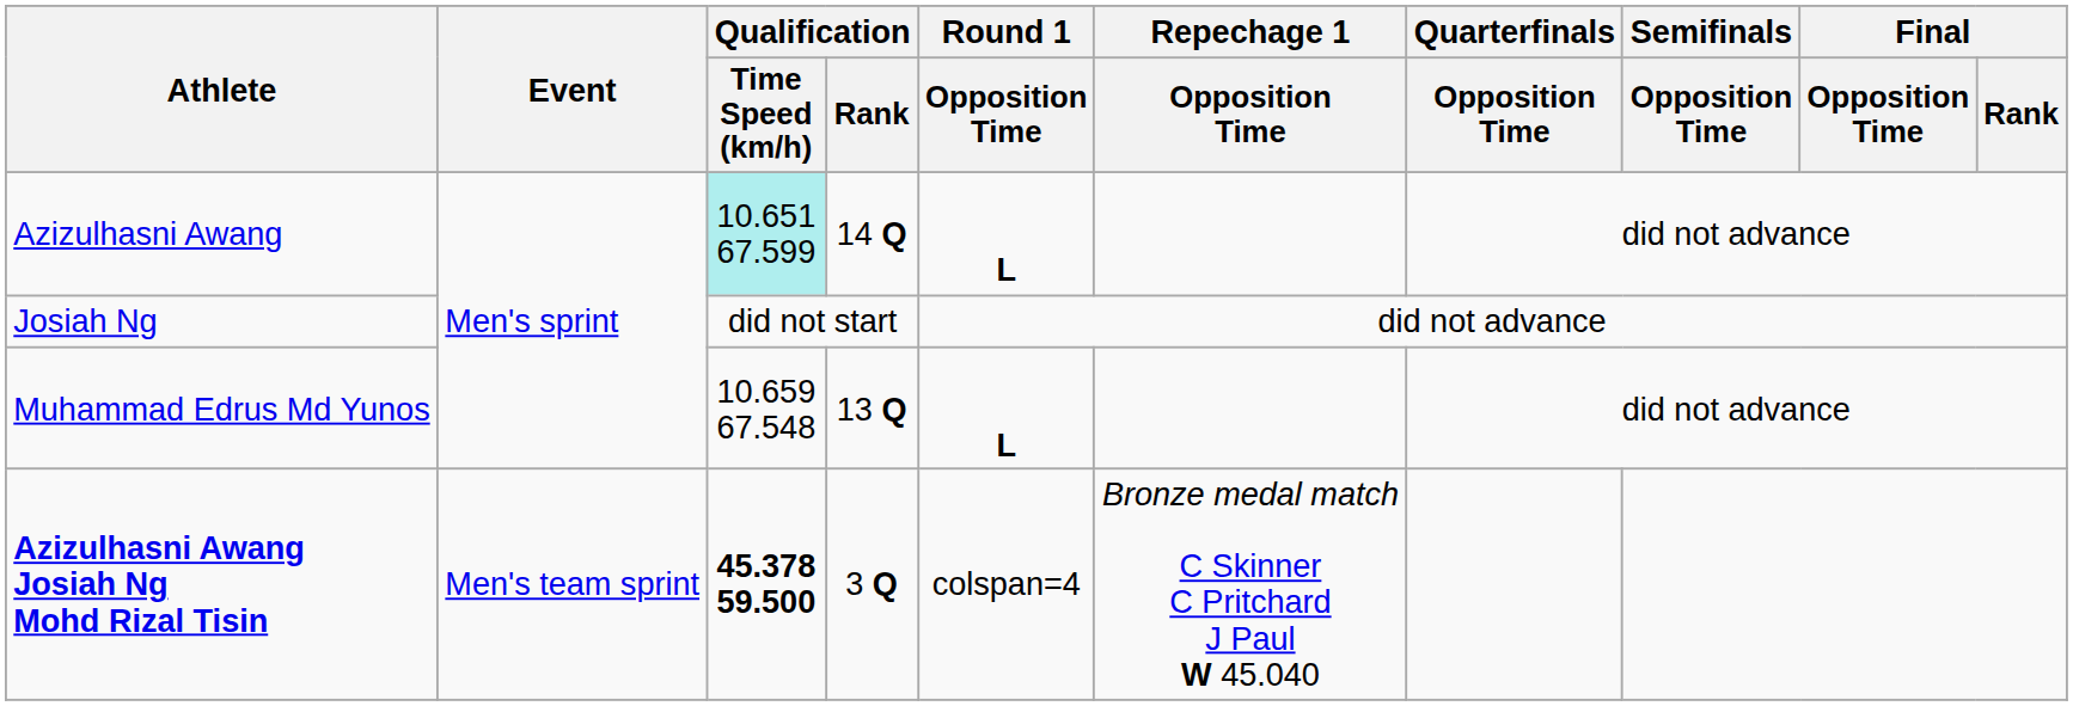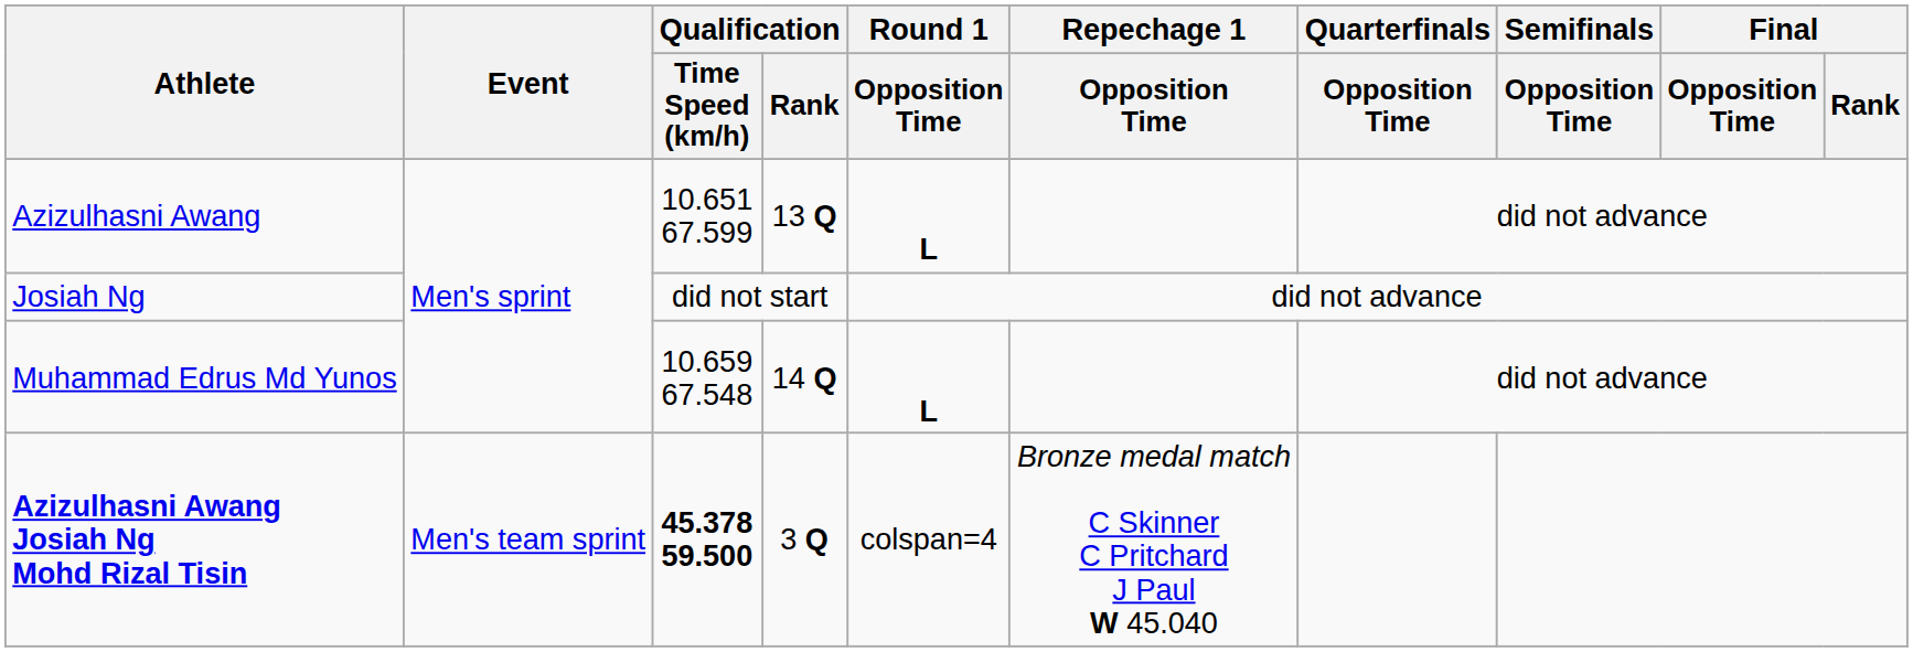 <table class="wikitable" style="font-size:90%;">
 <tr>
 <th rowspan=2>Athlete</th>
 <th rowspan=2>Event</th>
 <th colspan=2>Qualification</th>
 <th>Round 1</th>
 <th>Repechage 1</th>
 <th>Quarterfinals</th>
 <th>Semifinals</th>
 <th colspan=2>Final</th>
 </tr>
 <tr style="font-size:95%">
 <th>Time<br>Speed<br>(km/h)</th>
 <th>Rank</th>
 <th>Opposition<br>Time</th>
 <th>Opposition<br>Time</th>
 <th>Opposition<br>Time</th>
 <th>Opposition<br>Time</th>
 <th>Opposition<br>Time</th>
 <th>Rank</th>
 </tr>
 <tr align=center>
 <td align=left><a href='#'>Azizulhasni Awang</a></td>
 <td align=left rowspan=3><a href='#'>Men's sprint</a></td>
-<td style="background: paleturquoise;">10.651<br>67.599</td>
-<td>14 <strong>Q</strong></td>
+<td>10.651<br>67.599</td>
+<td>13 <strong>Q</strong></td>
 <td><br><br><strong>L</strong></td>
 <td></td>
 <td colspan=4>did not advance</td>
 </tr>
 <tr align=center>
 <td align=left><a href='#'>Josiah Ng</a></td>
 <td colspan=2>did not start</td>
 <td colspan=6>did not advance</td>
 </tr>
 <tr align=center>
 <td align=left><a href='#'>Muhammad Edrus Md Yunos</a></td>
 <td>10.659<br>67.548</td>
-<td>13 <strong>Q</strong></td>
+<td>14 <strong>Q</strong></td>
 <td><br><br><strong>L</strong></td>
 <td></td>
 <td colspan=4>did not advance</td>
 </tr>
 <tr align=center>
 <td align=left><strong><a href='#'>Azizulhasni Awang</a><br><a href='#'>Josiah Ng</a><br><a href='#'>Mohd Rizal Tisin</a></strong></td>
 <td align=left><a href='#'>Men's team sprint</a></td>
 <td><strong>45.378<br>59.500</strong></td>
 <td>3 <strong>Q</strong></td>
 <td>colspan=4 </td>
 <td><em>Bronze medal match</em><br><br><a href='#'>C Skinner</a><br><a href='#'>C Pritchard</a><br><a href='#'>J Paul</a><br><strong>W</strong> 45.040</td>
 <td></td>
 </tr>
 </table>
